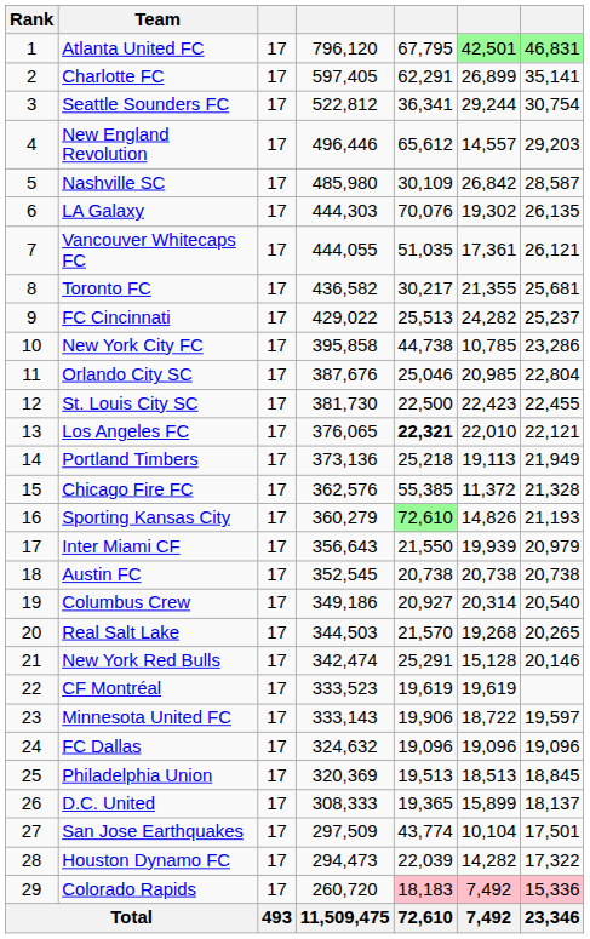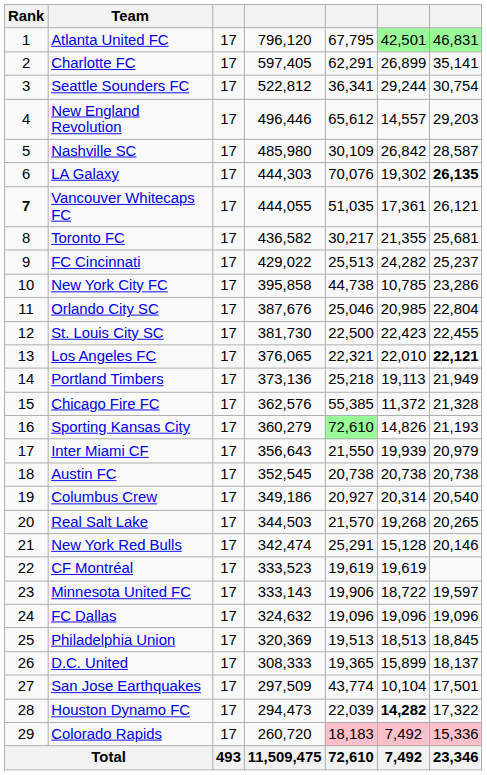 <table class="wikitable sortable" style=text-align:center>
 <tr +>
 <th width=25>Rank</th>
 <th width=170>Team</th>
 <th></th>
 <th width=45></th>
 <th width=45></th>
 <th width=45></th>
 <th width=45></th>
 </tr>
 <tr>
 <td>1</td>
 <td align=left><a href='#'>Atlanta United FC</a></td>
 <td>17</td>
 <td>796,120</td>
 <td>67,795</td>
 <td bgcolor="#98fb98">42,501</td>
 <td bgcolor="#98fb98">46,831</td>
 </tr>
 <tr>
 <td>2</td>
 <td align=left><a href='#'>Charlotte FC</a></td>
 <td>17</td>
 <td>597,405</td>
 <td>62,291</td>
 <td>26,899</td>
 <td>35,141</td>
 </tr>
 <tr>
 <td>3</td>
 <td align=left><a href='#'>Seattle Sounders FC</a></td>
 <td>17</td>
 <td>522,812</td>
 <td>36,341</td>
 <td>29,244</td>
 <td>30,754</td>
 </tr>
 <tr>
 <td>4</td>
 <td align=left><a href='#'>New England Revolution</a></td>
 <td>17</td>
 <td>496,446</td>
 <td>65,612</td>
 <td>14,557</td>
 <td>29,203</td>
 </tr>
 <tr>
 <td>5</td>
 <td align="left"><a href='#'>Nashville SC</a></td>
 <td>17</td>
 <td>485,980</td>
 <td>30,109</td>
 <td>26,842</td>
 <td>28,587</td>
 </tr>
 <tr>
 <td>6</td>
 <td align="left"><a href='#'>LA Galaxy</a></td>
 <td>17</td>
 <td>444,303</td>
 <td>70,076</td>
 <td>19,302</td>
-<td>26,135</td>
+<td><strong>26,135</strong></td>
 </tr>
 <tr>
-<td>7</td>
+<td><strong>7</strong></td>
 <td align="left"><a href='#'>Vancouver Whitecaps FC</a></td>
 <td>17</td>
 <td>444,055</td>
 <td>51,035</td>
 <td>17,361</td>
 <td>26,121</td>
 </tr>
 <tr>
 <td>8</td>
 <td align="left"><a href='#'>Toronto FC</a></td>
 <td>17</td>
 <td>436,582</td>
 <td>30,217</td>
 <td>21,355</td>
 <td>25,681</td>
 </tr>
 <tr>
 <td>9</td>
 <td align=left><a href='#'>FC Cincinnati</a></td>
 <td>17</td>
 <td>429,022</td>
 <td>25,513</td>
 <td>24,282</td>
 <td>25,237</td>
 </tr>
 <tr>
 <td>10</td>
 <td align="left"><a href='#'>New York City FC</a></td>
 <td>17</td>
 <td>395,858</td>
 <td>44,738</td>
 <td>10,785</td>
 <td>23,286</td>
 </tr>
 <tr>
 <td>11</td>
 <td align="left"><a href='#'>Orlando City SC</a></td>
 <td>17</td>
 <td>387,676</td>
 <td>25,046</td>
 <td>20,985</td>
 <td>22,804</td>
 </tr>
 <tr>
 <td>12</td>
 <td align=left><a href='#'>St. Louis City SC</a></td>
 <td>17</td>
 <td>381,730</td>
 <td>22,500</td>
 <td>22,423</td>
 <td>22,455</td>
 </tr>
 <tr>
 <td>13</td>
 <td align=left><a href='#'>Los Angeles FC</a></td>
 <td>17</td>
 <td>376,065</td>
-<td><strong>22,321</strong></td>
+<td>22,321</td>
 <td>22,010</td>
-<td>22,121</td>
+<td><strong>22,121</strong></td>
 </tr>
 <tr>
 <td>14</td>
 <td align=left><a href='#'>Portland Timbers</a></td>
 <td>17</td>
 <td>373,136</td>
 <td>25,218</td>
 <td>19,113</td>
 <td>21,949</td>
 </tr>
 <tr>
 <td>15</td>
 <td align="left"><a href='#'>Chicago Fire FC</a></td>
 <td>17</td>
 <td>362,576</td>
 <td>55,385</td>
 <td>11,372</td>
 <td>21,328</td>
 </tr>
 <tr>
 <td>16</td>
 <td align="left"><a href='#'>Sporting Kansas City</a></td>
 <td>17</td>
 <td>360,279</td>
 <td bgcolor="#98fb98">72,610</td>
 <td>14,826</td>
 <td>21,193</td>
 </tr>
 <tr>
 <td>17</td>
 <td align="left"><a href='#'>Inter Miami CF</a></td>
 <td>17</td>
 <td>356,643</td>
 <td>21,550</td>
 <td>19,939</td>
 <td>20,979</td>
 </tr>
 <tr>
 <td>18</td>
 <td align="left"><a href='#'>Austin FC</a></td>
 <td>17</td>
 <td>352,545</td>
 <td>20,738</td>
 <td>20,738</td>
 <td>20,738</td>
 </tr>
 <tr>
 <td>19</td>
 <td align="left"><a href='#'>Columbus Crew</a></td>
 <td>17</td>
 <td>349,186</td>
 <td>20,927</td>
 <td>20,314</td>
 <td>20,540</td>
 </tr>
 <tr>
 <td>20</td>
 <td align="left"><a href='#'>Real Salt Lake</a></td>
 <td>17</td>
 <td>344,503</td>
 <td>21,570</td>
 <td>19,268</td>
 <td>20,265</td>
 </tr>
 <tr>
 <td>21</td>
 <td align="left"><a href='#'>New York Red Bulls</a></td>
 <td>17</td>
 <td>342,474</td>
 <td>25,291</td>
 <td>15,128</td>
 <td>20,146</td>
 </tr>
 <tr>
 <td>22</td>
 <td align="left"><a href='#'>CF Montréal</a></td>
 <td>17</td>
 <td>333,523</td>
 <td>19,619</td>
 <td>19,619</td>
 <td></td>
 </tr>
 <tr>
 <td>23</td>
 <td align="left"><a href='#'>Minnesota United FC</a></td>
 <td>17</td>
 <td>333,143</td>
 <td>19,906</td>
 <td>18,722</td>
 <td>19,597</td>
 </tr>
 <tr>
 <td>24</td>
 <td align="left"><a href='#'>FC Dallas</a></td>
 <td>17</td>
 <td>324,632</td>
 <td>19,096</td>
 <td>19,096</td>
 <td>19,096</td>
 </tr>
 <tr>
 <td>25</td>
 <td align="left"><a href='#'>Philadelphia Union</a></td>
 <td>17</td>
 <td>320,369</td>
 <td>19,513</td>
 <td>18,513</td>
 <td>18,845</td>
 </tr>
 <tr>
 <td>26</td>
 <td align=left><a href='#'>D.C. United</a></td>
 <td>17</td>
 <td>308,333</td>
 <td>19,365</td>
 <td>15,899</td>
 <td>18,137</td>
 </tr>
 <tr>
 <td>27</td>
 <td align="left"><a href='#'>San Jose Earthquakes</a></td>
 <td>17</td>
 <td>297,509</td>
 <td>43,774</td>
 <td>10,104</td>
 <td>17,501</td>
 </tr>
 <tr>
 <td>28</td>
 <td align=left><a href='#'>Houston Dynamo FC</a></td>
 <td>17</td>
 <td>294,473</td>
 <td>22,039</td>
-<td>14,282</td>
+<td><strong>14,282</strong></td>
 <td>17,322</td>
 </tr>
 <tr>
 <td>29</td>
 <td align=left><a href='#'>Colorado Rapids</a></td>
 <td>17</td>
 <td>260,720</td>
 <td bgcolor="#ffc0cb">18,183</td>
 <td bgcolor="#ffc0cb">7,492</td>
 <td bgcolor="#ffc0cb">15,336</td>
 </tr>
 <tr>
 <th colspan=2>Total</th>
 <th>493</th>
 <th>11,509,475</th>
 <th>72,610</th>
 <th>7,492</th>
 <th>23,346</th>
 </tr>
 </table>
